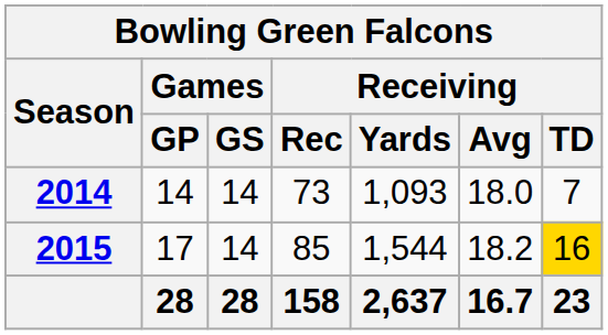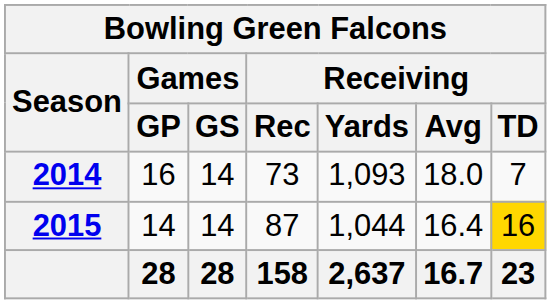 <table class=wikitable style="text-align:center;">
 <tr>
 <th colspan="9">Bowling Green Falcons</th>
 </tr>
 <tr>
 <th rowspan="2">Season</th>
 <th colspan="2">Games</th>
 <th colspan="4">Receiving</th>
 </tr>
 <tr>
 <th>GP</th>
 <th>GS</th>
 <th>Rec</th>
 <th>Yards</th>
 <th>Avg</th>
 <th>TD</th>
 </tr>
 <tr>
 <th><a href='#'>2014</a></th>
-<td>14</td>
+<td>16</td>
 <td>14</td>
 <td>73</td>
 <td>1,093</td>
 <td>18.0</td>
 <td>7</td>
 </tr>
 <tr>
 <th><a href='#'>2015</a></th>
-<td>17</td>
 <td>14</td>
-<td>85</td>
-<td>1,544</td>
-<td>18.2</td>
+<td>14</td>
+<td>87</td>
+<td>1,044</td>
+<td>16.4</td>
 <td style="background: gold;">16</td>
 </tr>
 <tr>
 <th></th>
 <th>28</th>
 <th>28</th>
 <th>158</th>
 <th>2,637</th>
 <th>16.7</th>
 <th>23</th>
 </tr>
 </table>
